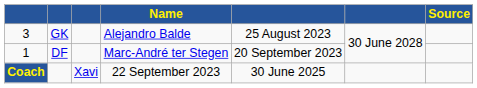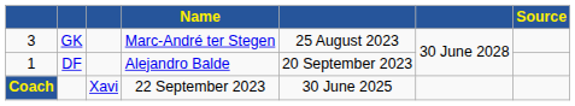 <table class="wikitable">
 <tr>
 <th style="background:#26559B;color:#FFF000;"></th>
 <th style="background:#26559B;color:#FFF000;"></th>
 <th style="background:#26559B;color:#FFF000;"></th>
 <th style="background:#26559B;color:#FFF000;">Name</th>
 <th style="background:#26559B;color:#FFF000;"></th>
 <th style="background:#26559B;color:#FFF000;"></th>
 <th style="background:#26559B;color:#FFF000;">Source</th>
 </tr>
 <tr>
 <td style="text-align:center">3</td>
 <td style="text-align:center"><a href='#'>GK</a></td>
 <td style="text-align:center"></td>
-<td><a href='#'>Alejandro Balde</a></td>
+<td><a href='#'>Marc-André ter Stegen</a></td>
 <td style="text-align:center">25 August 2023</td>
 <td rowspan=2 style="text-align:center">30 June 2028</td>
 <td style="text-align:center"></td>
 </tr>
 <tr>
 <td style="text-align:center">1</td>
 <td style="text-align:center"><a href='#'>DF</a></td>
 <td style="text-align:center"></td>
-<td><a href='#'>Marc-André ter Stegen</a></td>
+<td><a href='#'>Alejandro Balde</a></td>
 <td style="text-align:center">20 September 2023</td>
 <td style="text-align:center"></td>
 </tr>
 <tr>
 <th style="background:#26559B;color:#FFF000;">Coach</th>
 <td style="text-align:center"></td>
 <td><a href='#'>Xavi</a></td>
 <td style="text-align:center">22 September 2023</td>
 <td style="text-align:center">30 June 2025</td>
 <td style="text-align:center"></td>
 </tr>
 </table>
